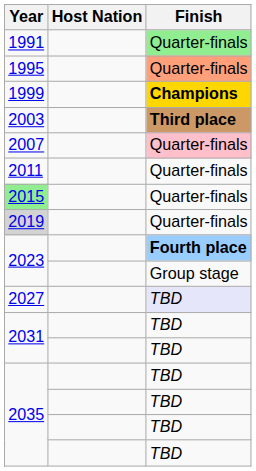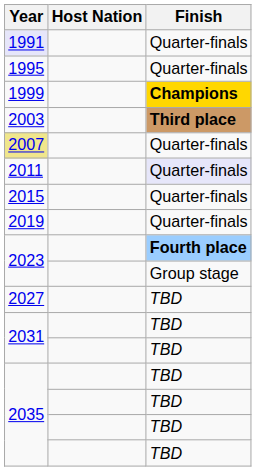 <table class="wikitable">
 <tr>
 <th>Year</th>
 <th>Host Nation</th>
 <th>Finish</th>
 </tr>
 <tr>
-<td><a href='#'>1991</a></td>
+<td style="background: lavender;"><a href='#'>1991</a></td>
 <td></td>
-<td style="background: lightgreen;">Quarter-finals</td>
+<td>Quarter-finals</td>
 </tr>
 <tr>
 <td><a href='#'>1995</a></td>
 <td></td>
-<td style="background: lightsalmon;">Quarter-finals</td>
+<td>Quarter-finals</td>
 </tr>
 <tr>
 <td><a href='#'>1999</a></td>
 <td></td>
 <td bgcolor=Gold><strong>Champions</strong></td>
 </tr>
 <tr>
 <td><a href='#'>2003</a></td>
 <td></td>
 <td bgcolor=#cc9966><strong>Third place</strong></td>
 </tr>
 <tr>
-<td><a href='#'>2007</a></td>
+<td style="background: khaki;"><a href='#'>2007</a></td>
 <td></td>
-<td style="background: pink;">Quarter-finals</td>
+<td>Quarter-finals</td>
 </tr>
 <tr>
 <td><a href='#'>2011</a></td>
 <td></td>
-<td>Quarter-finals</td>
+<td style="background: lavender;">Quarter-finals</td>
 </tr>
 <tr>
-<td style="background: lightgreen;"><a href='#'>2015</a></td>
+<td><a href='#'>2015</a></td>
 <td></td>
 <td>Quarter-finals</td>
 </tr>
 <tr>
-<td style="background: lightgrey;"><a href='#'>2019</a></td>
+<td><a href='#'>2019</a></td>
 <td></td>
 <td>Quarter-finals</td>
 </tr>
 <tr>
 <td rowspan=2><a href='#'>2023</a></td>
 <td></td>
 <td bgcolor=#9acdff><strong>Fourth place</strong></td>
 </tr>
 <tr>
 <td></td>
 <td>Group stage</td>
 </tr>
 <tr>
 <td><a href='#'>2027</a></td>
 <td></td>
-<td style="background: lavender;"><em>TBD</em></td>
+<td><em>TBD</em></td>
 </tr>
 <tr>
 <td rowspan=2><a href='#'>2031</a></td>
 <td></td>
 <td><em>TBD</em></td>
 </tr>
 <tr>
 <td></td>
 <td><em>TBD</em></td>
 </tr>
 <tr>
 <td rowspan=4><a href='#'>2035</a></td>
 <td></td>
 <td><em>TBD</em></td>
 </tr>
 <tr>
 <td></td>
 <td><em>TBD</em></td>
 </tr>
 <tr>
 <td></td>
 <td><em>TBD</em></td>
 </tr>
 <tr>
 <td></td>
 <td><em>TBD</em></td>
 </tr>
 </table>
